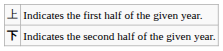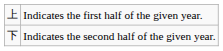 <table class="wikitable" style="font-size:95%;">
 <tr>
 <td>上</td>
 <td>Indicates the first half of the given year.</td>
 </tr>
 <tr>
-<td><strong>下</strong></td>
+<td>下</td>
 <td>Indicates the second half of the given year.</td>
 </tr>
 </table>
